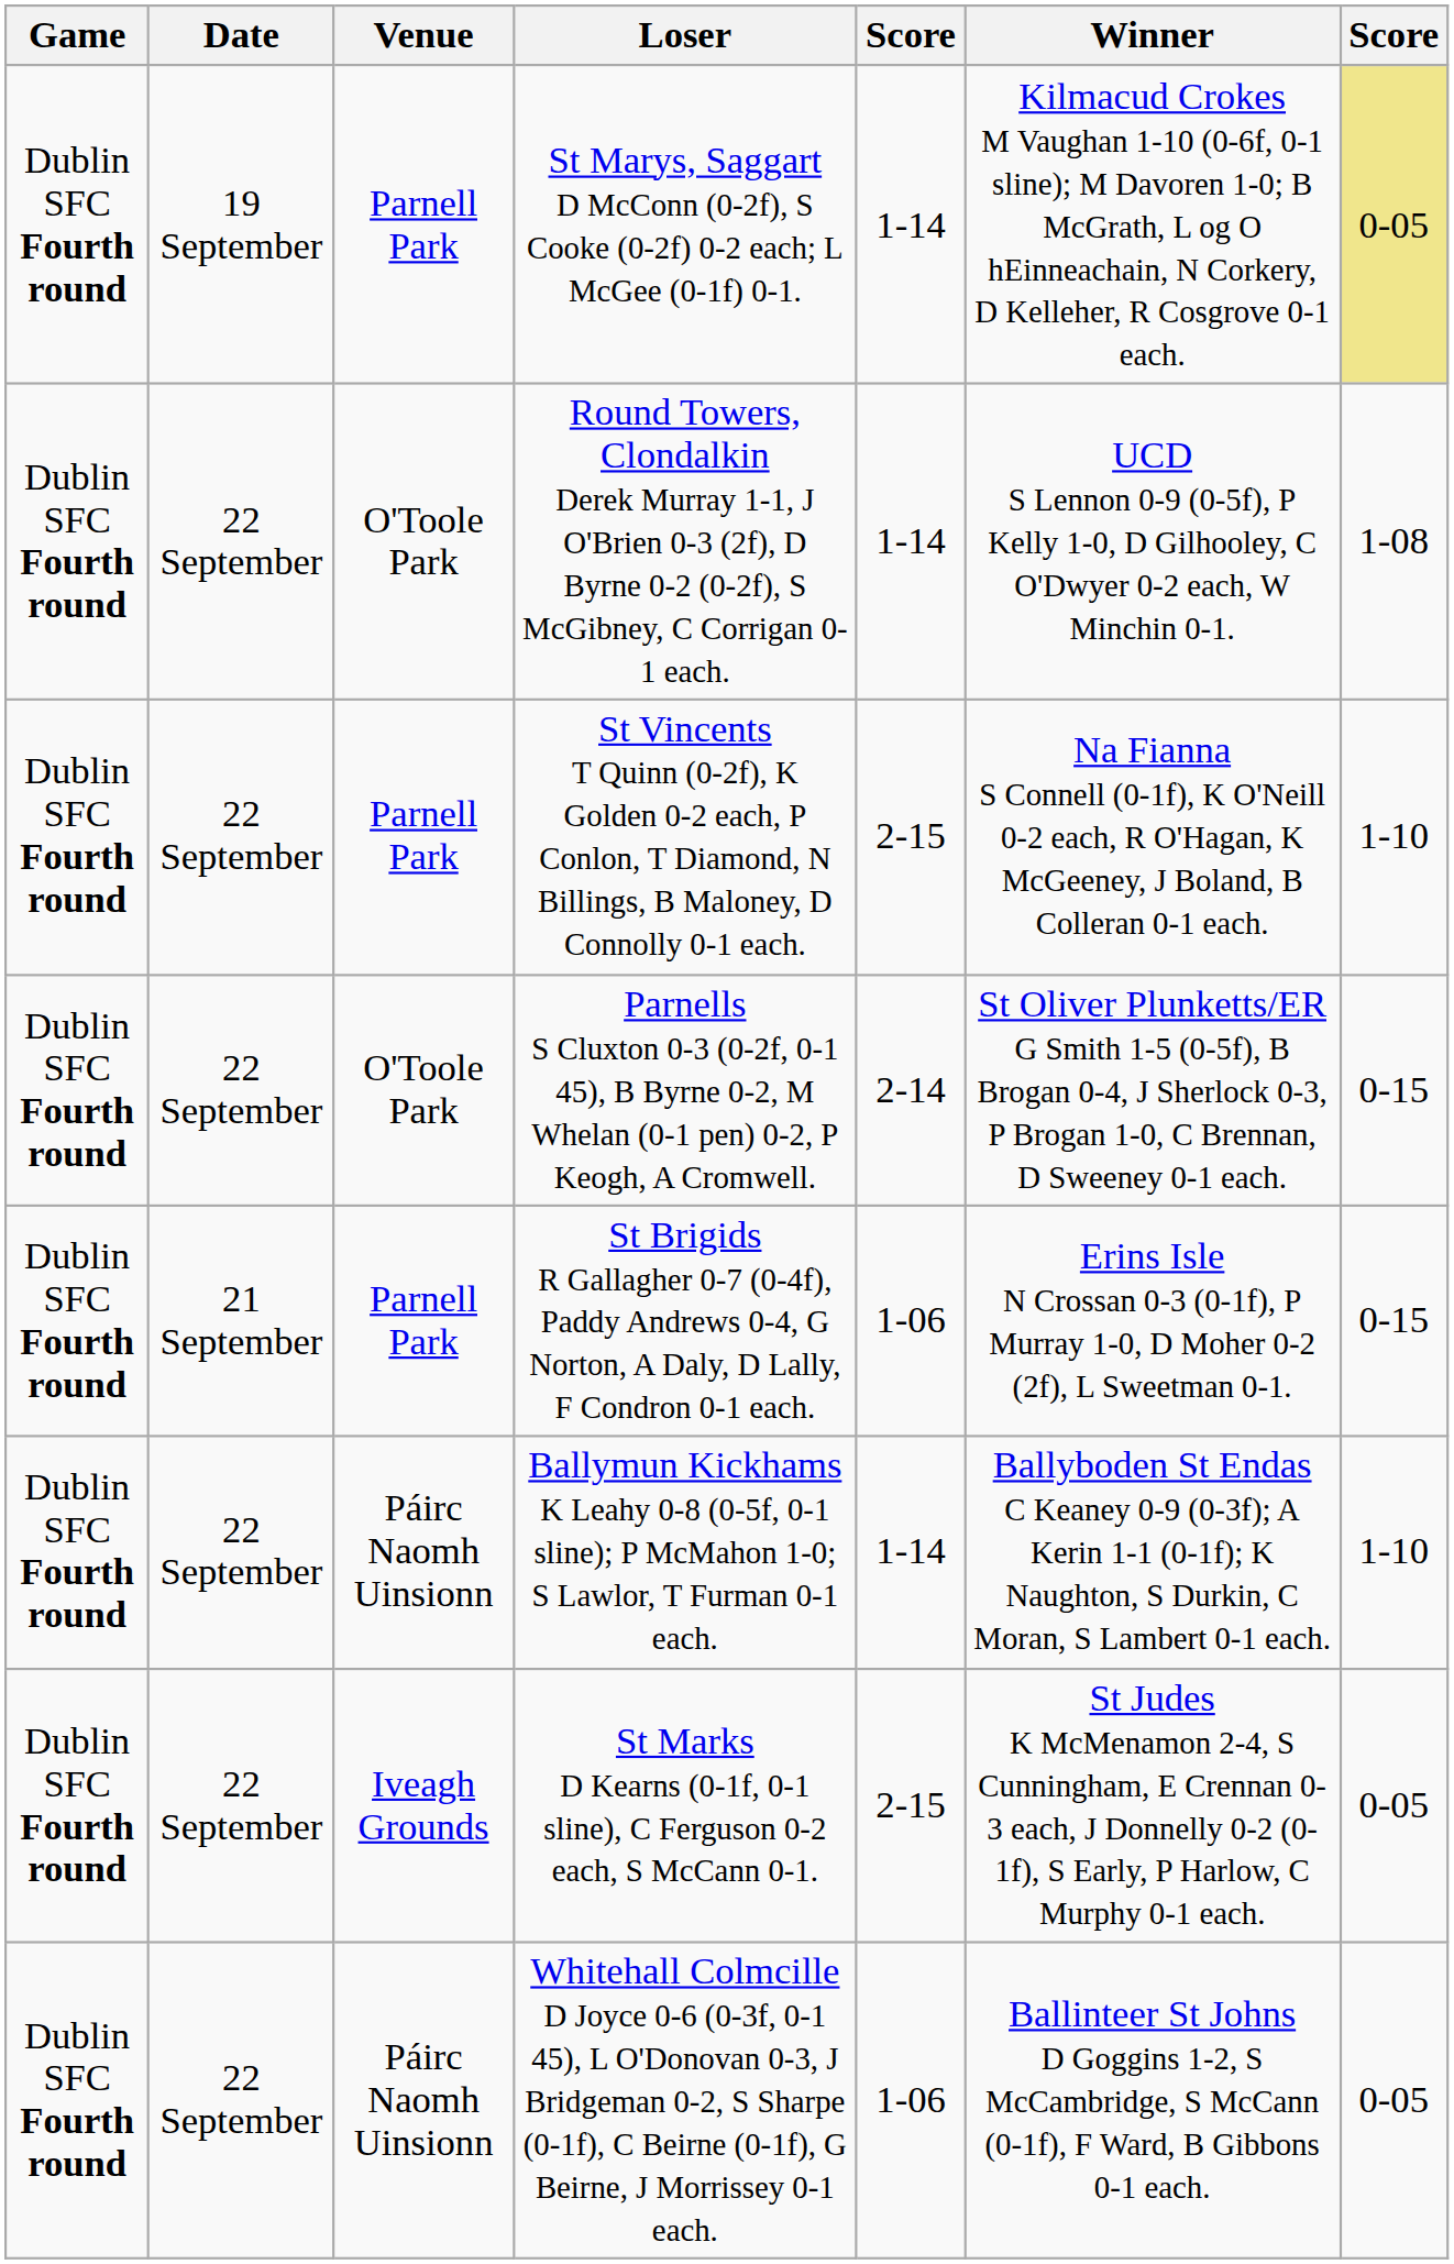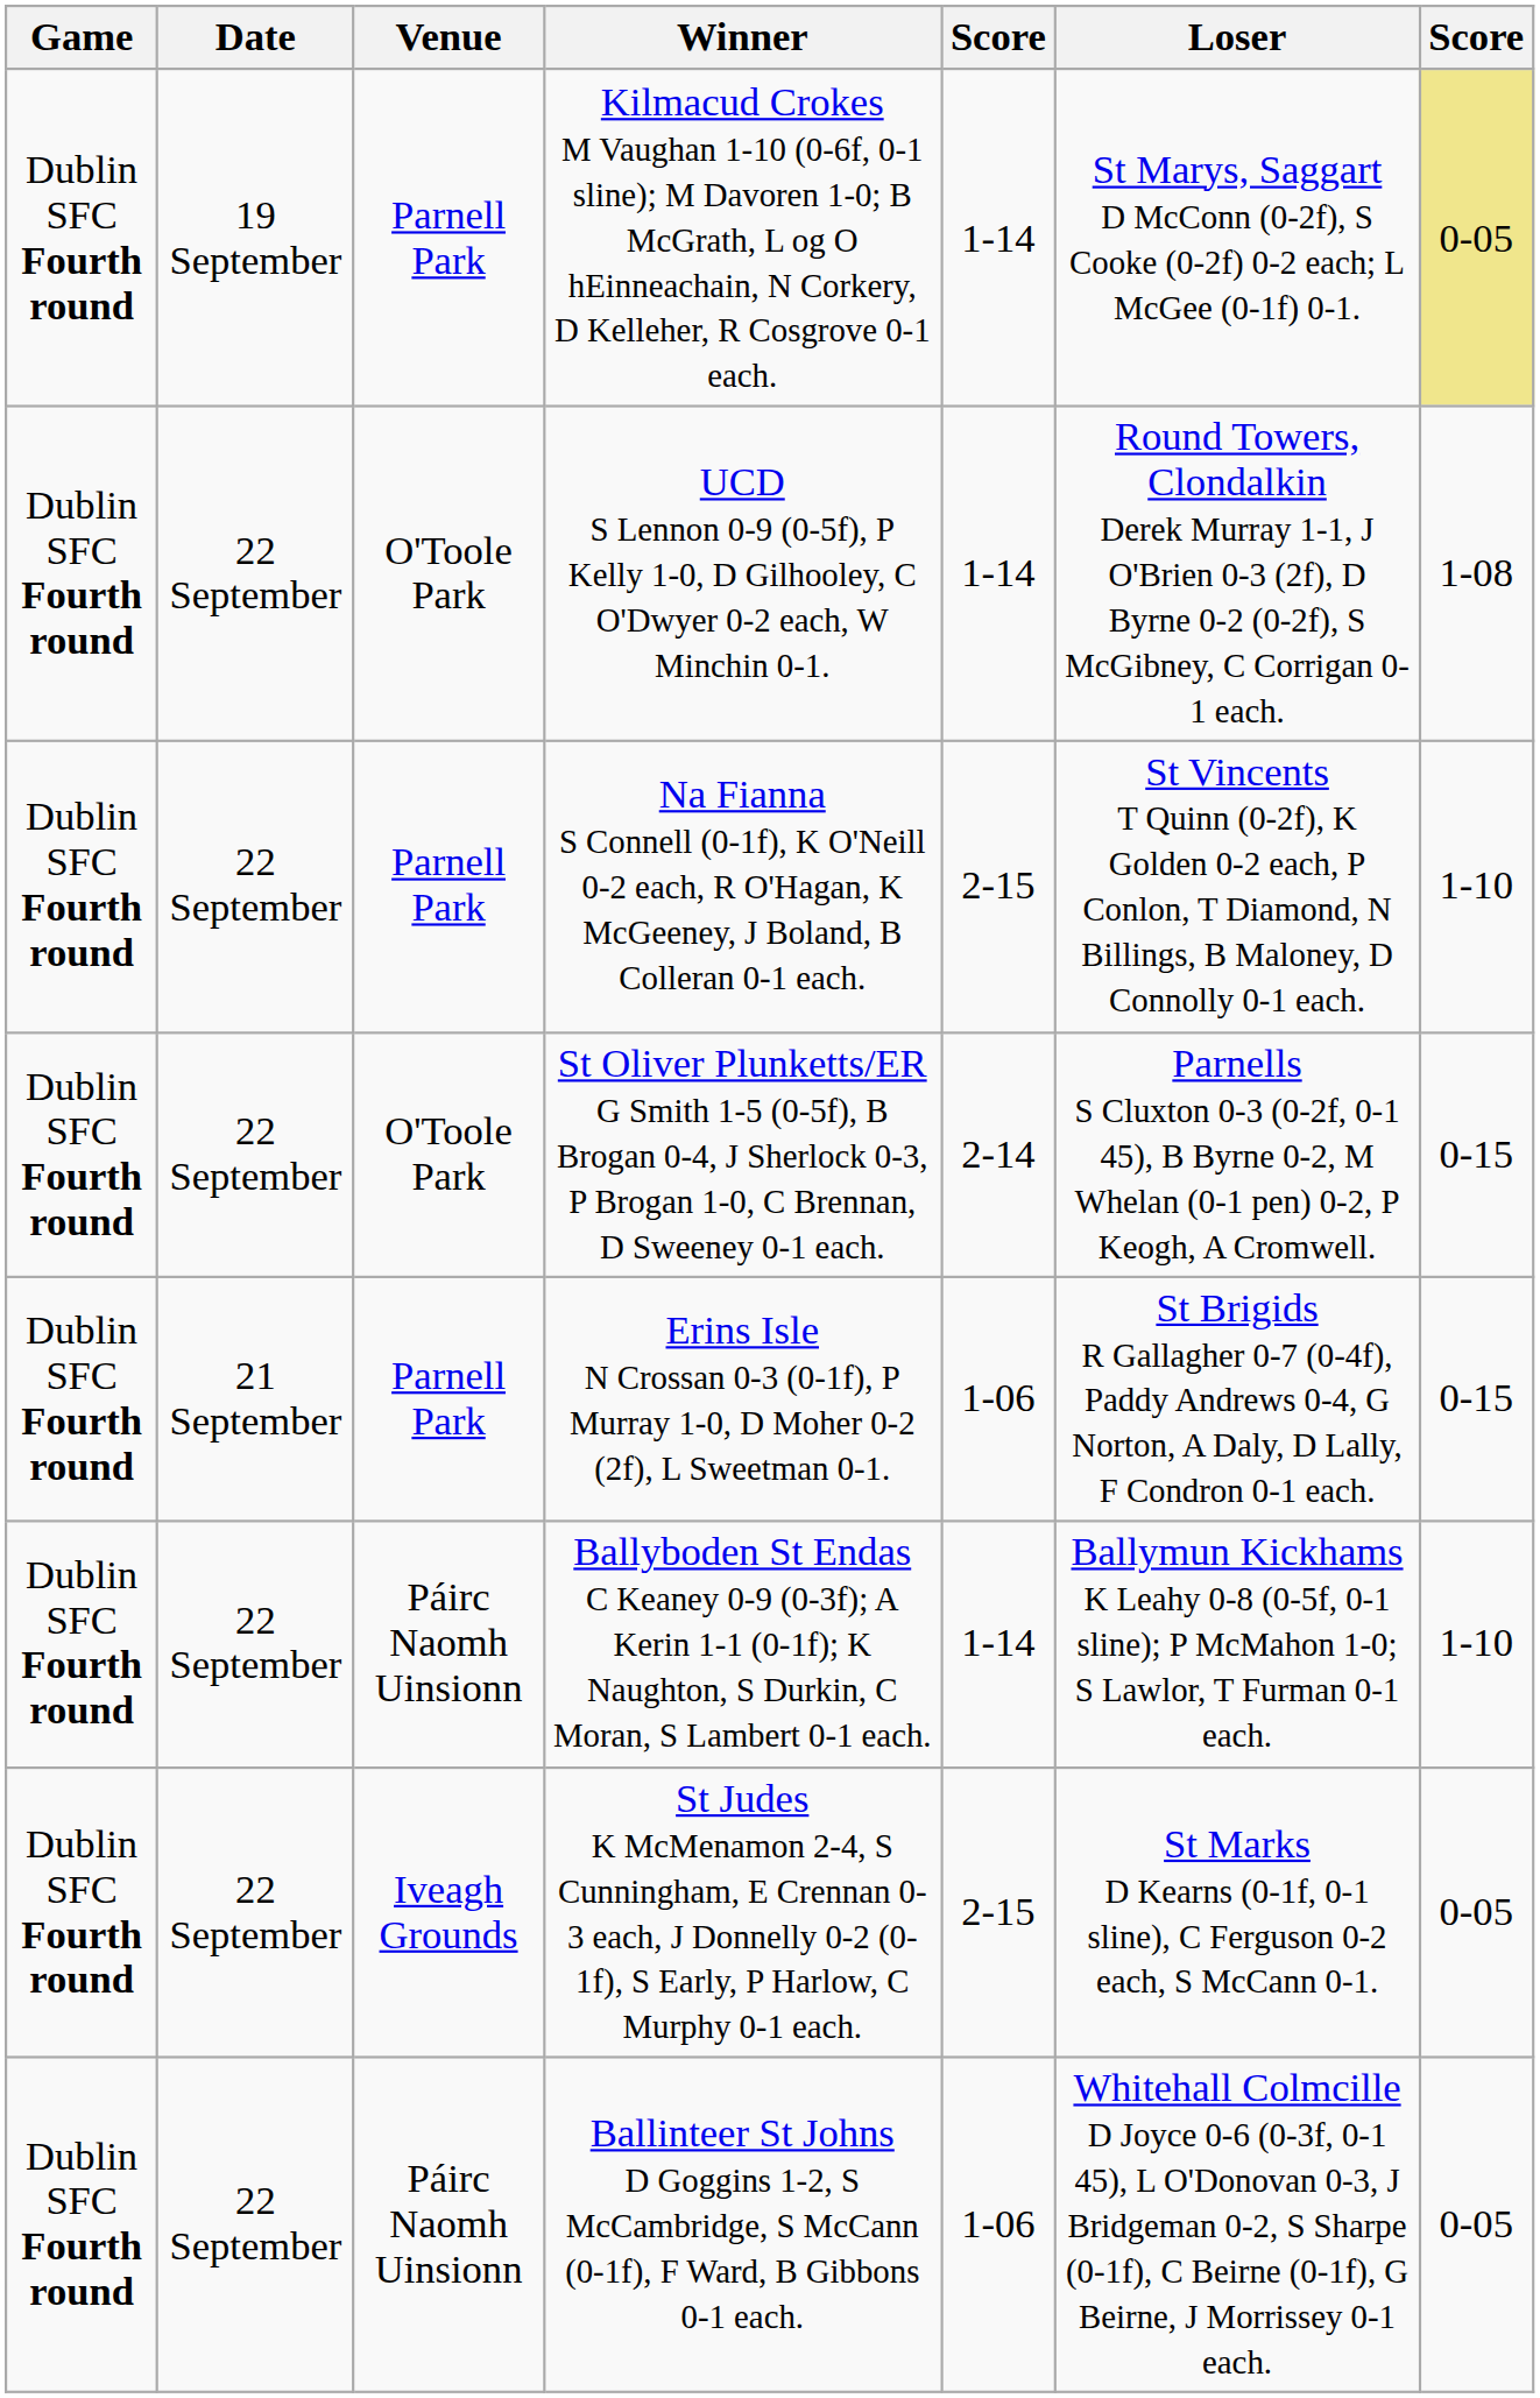 <table class="wikitable">
 <tr>
 <th>Game</th>
 <th>Date</th>
 <th>Venue</th>
+<th>Winner</th>
+<th>Score</th>
 <th>Loser</th>
-<th>Score</th>
-<th>Winner</th>
 <th>Score</th>
 </tr>
 <tr align="center">
 <td>Dublin SFC<br><strong>Fourth round</strong></td>
 <td>19 September</td>
 <td><a href='#'>Parnell Park</a></td>
+<td><a href='#'>Kilmacud Crokes</a><br><small>M Vaughan 1-10 (0-6f, 0-1 sline); M Davoren 1-0; B McGrath, L og O hEinneachain, N Corkery, D Kelleher, R Cosgrove 0-1 each.</small></td>
+<td>1-14</td>
 <td><a href='#'>St Marys, Saggart</a><br><small>D McConn (0-2f), S Cooke (0-2f) 0-2 each; L McGee (0-1f) 0-1.</small></td>
-<td>1-14</td>
-<td><a href='#'>Kilmacud Crokes</a><br><small>M Vaughan 1-10 (0-6f, 0-1 sline); M Davoren 1-0; B McGrath, L og O hEinneachain, N Corkery, D Kelleher, R Cosgrove 0-1 each.</small></td>
 <td style="background: khaki;">0-05</td>
 </tr>
 <tr align="center">
 <td>Dublin SFC<br><strong>Fourth round</strong></td>
 <td>22 September</td>
 <td>O'Toole Park</td>
+<td><a href='#'>UCD</a><br><small>S Lennon 0-9 (0-5f), P Kelly 1-0, D Gilhooley, C O'Dwyer 0-2 each, W Minchin 0-1.</small></td>
+<td>1-14</td>
 <td><a href='#'>Round Towers, Clondalkin</a><br><small>Derek Murray 1-1, J O'Brien 0-3 (2f), D Byrne 0-2 (0-2f), S McGibney, C Corrigan 0-1 each.</small></td>
-<td>1-14</td>
-<td><a href='#'>UCD</a><br><small>S Lennon 0-9 (0-5f), P Kelly 1-0, D Gilhooley, C O'Dwyer 0-2 each, W Minchin 0-1.</small></td>
 <td>1-08</td>
 </tr>
 <tr align="center">
 <td>Dublin SFC<br><strong>Fourth round</strong></td>
 <td>22 September</td>
 <td><a href='#'>Parnell Park</a></td>
+<td><a href='#'>Na Fianna</a><br><small>S Connell (0-1f), K O'Neill 0-2 each, R O'Hagan, K McGeeney, J Boland, B Colleran 0-1 each.</small></td>
+<td>2-15</td>
 <td><a href='#'>St Vincents</a><br><small>T Quinn (0-2f), K Golden 0-2 each, P Conlon, T Diamond, N Billings, B Maloney, D Connolly 0-1 each.</small></td>
-<td>2-15</td>
-<td><a href='#'>Na Fianna</a><br><small>S Connell (0-1f), K O'Neill 0-2 each, R O'Hagan, K McGeeney, J Boland, B Colleran 0-1 each.</small></td>
 <td>1-10</td>
 </tr>
 <tr align="center">
 <td>Dublin SFC<br><strong>Fourth round</strong></td>
 <td>22 September</td>
 <td>O'Toole Park</td>
+<td><a href='#'>St Oliver Plunketts/ER</a><br><small>G Smith 1-5 (0-5f), B Brogan 0-4, J Sherlock 0-3, P Brogan 1-0, C Brennan, D Sweeney 0-1 each.</small></td>
+<td>2-14</td>
 <td><a href='#'>Parnells</a><br><small>S Cluxton 0-3 (0-2f, 0-1 45), B Byrne 0-2, M Whelan (0-1 pen) 0-2, P Keogh, A Cromwell.</small></td>
-<td>2-14</td>
-<td><a href='#'>St Oliver Plunketts/ER</a><br><small>G Smith 1-5 (0-5f), B Brogan 0-4, J Sherlock 0-3, P Brogan 1-0, C Brennan, D Sweeney 0-1 each.</small></td>
 <td>0-15</td>
 </tr>
 <tr align="center">
 <td>Dublin SFC<br><strong>Fourth round</strong></td>
 <td>21 September</td>
 <td><a href='#'>Parnell Park</a></td>
+<td><a href='#'>Erins Isle</a><br><small>N Crossan 0-3 (0-1f), P Murray 1-0, D Moher 0-2 (2f), L Sweetman 0-1.</small></td>
+<td>1-06</td>
 <td><a href='#'>St Brigids</a><br><small>R Gallagher 0-7 (0-4f), Paddy Andrews 0-4, G Norton, A Daly, D Lally, F Condron 0-1 each.</small></td>
-<td>1-06</td>
-<td><a href='#'>Erins Isle</a><br><small>N Crossan 0-3 (0-1f), P Murray 1-0, D Moher 0-2 (2f), L Sweetman 0-1.</small></td>
 <td>0-15</td>
 </tr>
 <tr align="center">
 <td>Dublin SFC<br><strong>Fourth round</strong></td>
 <td>22 September</td>
 <td>Páirc Naomh Uinsionn</td>
+<td><a href='#'>Ballyboden St Endas</a><br><small>C Keaney 0-9 (0-3f); A Kerin 1-1 (0-1f); K Naughton, S Durkin, C Moran, S Lambert 0-1 each.</small></td>
+<td>1-14</td>
 <td><a href='#'>Ballymun Kickhams</a><br><small>K Leahy 0-8 (0-5f, 0-1 sline); P McMahon 1-0; S Lawlor, T Furman 0-1 each.</small></td>
-<td>1-14</td>
-<td><a href='#'>Ballyboden St Endas</a><br><small>C Keaney 0-9 (0-3f); A Kerin 1-1 (0-1f); K Naughton, S Durkin, C Moran, S Lambert 0-1 each.</small></td>
 <td>1-10</td>
 </tr>
 <tr align="center">
 <td>Dublin SFC<br><strong>Fourth round</strong></td>
 <td>22 September</td>
 <td><a href='#'>Iveagh Grounds</a></td>
+<td><a href='#'>St Judes</a><br><small>K McMenamon 2-4, S Cunningham, E Crennan 0-3 each, J Donnelly 0-2 (0-1f), S Early, P Harlow, C Murphy 0-1 each.</small></td>
+<td>2-15</td>
 <td><a href='#'>St Marks</a><br><small>D Kearns (0-1f, 0-1 sline), C Ferguson 0-2 each, S McCann 0-1.</small></td>
-<td>2-15</td>
-<td><a href='#'>St Judes</a><br><small>K McMenamon 2-4, S Cunningham, E Crennan 0-3 each, J Donnelly 0-2 (0-1f), S Early, P Harlow, C Murphy 0-1 each.</small></td>
 <td>0-05</td>
 </tr>
 <tr align="center">
 <td>Dublin SFC<br><strong>Fourth round</strong></td>
 <td>22 September</td>
 <td>Páirc Naomh Uinsionn</td>
+<td><a href='#'>Ballinteer St Johns</a><br><small>D Goggins 1-2, S McCambridge, S McCann (0-1f), F Ward, B Gibbons 0-1 each. </small></td>
+<td>1-06</td>
 <td><a href='#'>Whitehall Colmcille</a><br><small>D Joyce 0-6 (0-3f, 0-1 45), L O'Donovan 0-3, J Bridgeman 0-2, S Sharpe (0-1f), C Beirne (0-1f), G Beirne, J Morrissey 0-1 each.</small></td>
-<td>1-06</td>
-<td><a href='#'>Ballinteer St Johns</a><br><small>D Goggins 1-2, S McCambridge, S McCann (0-1f), F Ward, B Gibbons 0-1 each. </small></td>
 <td>0-05</td>
 </tr>
 </table>
